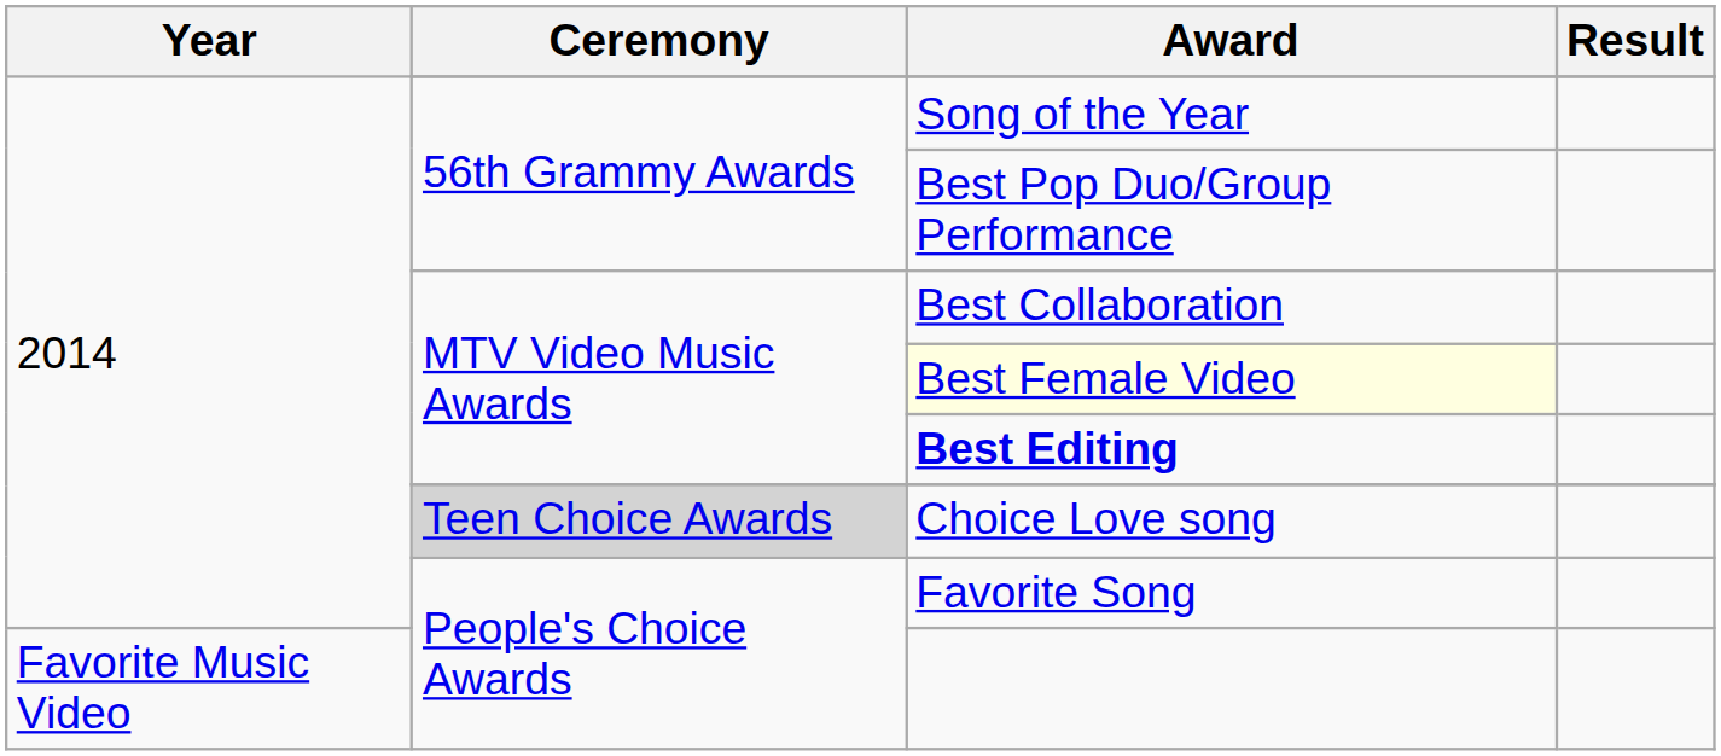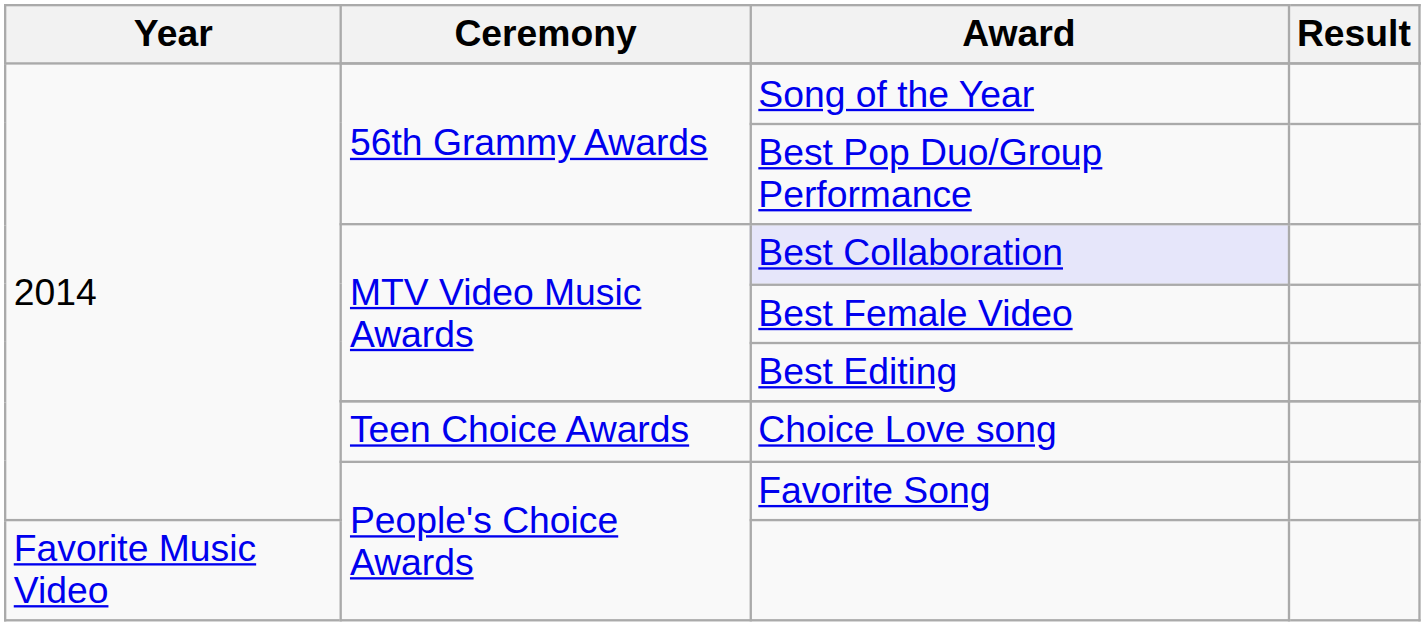 <table class="wikitable">
 <tr>
 <th>Year</th>
 <th>Ceremony</th>
 <th>Award</th>
 <th>Result</th>
 </tr>
 <tr>
 <td rowspan="9">2014</td>
 </tr>
 <tr>
 <td rowspan="2"><a href='#'>56th Grammy Awards</a></td>
 <td><a href='#'>Song of the Year</a></td>
 <td></td>
 </tr>
 <tr>
 <td><a href='#'>Best Pop Duo/Group Performance</a></td>
 <td></td>
 </tr>
 <tr>
 <td rowspan="3"><a href='#'>MTV Video Music Awards</a></td>
-<td><a href='#'>Best Collaboration</a></td>
+<td style="background: lavender;"><a href='#'>Best Collaboration</a></td>
 <td></td>
 </tr>
 <tr>
-<td style="background: lightyellow;"><a href='#'>Best Female Video</a></td>
+<td><a href='#'>Best Female Video</a></td>
 <td></td>
 </tr>
 <tr>
-<td><strong><a href='#'>Best Editing</a></strong></td>
+<td><a href='#'>Best Editing</a></td>
 <td></td>
 </tr>
 <tr>
 </tr>
 <tr>
-<td style="background: lightgrey;"><a href='#'>Teen Choice Awards</a></td>
+<td><a href='#'>Teen Choice Awards</a></td>
 <td><a href='#'>Choice Love song</a></td>
 <td></td>
 </tr>
 <tr>
 <td rowspan="2"><a href='#'>People's Choice Awards</a></td>
 <td><a href='#'>Favorite Song</a></td>
 <td></td>
 </tr>
 <tr>
 <td><a href='#'>Favorite Music Video</a></td>
 <td></td>
 </tr>
 </table>
